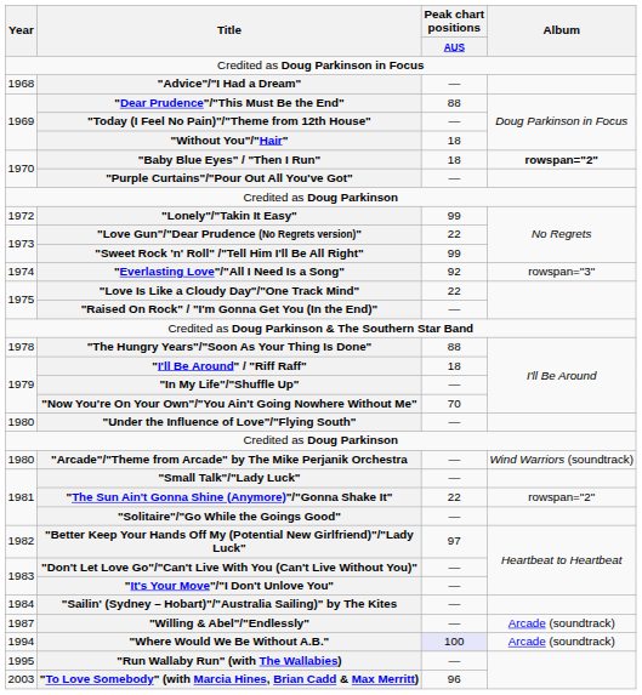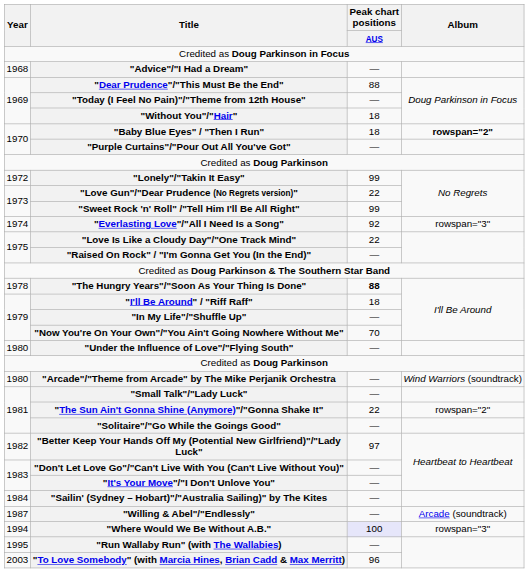 <table class="wikitable plainrowheaders" style="text-align:center;" border="1">
 <tr>
 <th scope="col" rowspan="2">Year</th>
 <th scope="col" rowspan="2" style="width:32em;">Title</th>
 <th scope="col" colspan="1">Peak chart<br>positions</th>
 <th scope="col" rowspan="2">Album</th>
 </tr>
 <tr>
 <th scope="col" style="text-align:center;"><small><a href='#'>AUS</a></small><br></th>
 </tr>
 <tr>
 <td colspan=5>Credited as <strong>Doug Parkinson in Focus</strong></td>
 </tr>
 <tr>
 <td>1968</td>
 <th scope="row">"Advice"/"I Had a Dream"</th>
 <td>—</td>
 <td></td>
 </tr>
 <tr>
 <td rowspan="3">1969</td>
 <th scope="row">"<a href='#'>Dear Prudence</a>"/"This Must Be the End"</th>
 <td>88</td>
 <td rowspan="3"><em>Doug Parkinson in Focus</em></td>
 </tr>
 <tr>
 <th scope="row">"Today (I Feel No Pain)"/"Theme from 12th House"</th>
 <td>—</td>
 </tr>
 <tr>
 <th scope="row">"Without You"/"<a href='#'>Hair</a>"</th>
 <td>18</td>
 </tr>
 <tr>
 <td rowspan="2">1970</td>
 <th scope="row">"Baby Blue Eyes" / "Then I Run"</th>
 <td>18</td>
 <td><strong>rowspan="2" </strong></td>
 </tr>
 <tr>
 <th scope="row">"Purple Curtains"/"Pour Out All You've Got"</th>
 <td>—</td>
 </tr>
 <tr>
 <td colspan=5>Credited as <strong>Doug Parkinson</strong></td>
 </tr>
 <tr>
 <td>1972</td>
 <th scope="row">"Lonely"/"Takin It Easy"</th>
 <td>99</td>
 <td rowspan="3"><em>No Regrets</em></td>
 </tr>
 <tr>
 <td rowspan="2">1973</td>
 <th scope="row">"Love Gun"/"Dear Prudence <small>(No Regrets version)</small>"</th>
 <td>22</td>
 </tr>
 <tr>
 <th scope="row">"Sweet Rock 'n' Roll" /"Tell Him I'll Be All Right"</th>
 <td>99</td>
 </tr>
 <tr>
 <td>1974</td>
 <th scope="row">"<a href='#'>Everlasting Love</a>"/"All I Need Is a Song"</th>
 <td>92</td>
 <td>rowspan="3" </td>
 </tr>
 <tr>
 <td rowspan="2">1975</td>
 <th scope="row">"Love Is Like a Cloudy Day"/"One Track Mind"</th>
 <td>22</td>
 </tr>
 <tr>
 <th scope="row">"Raised On Rock" / "I'm Gonna Get You (In the End)"</th>
 <td>—</td>
 </tr>
 <tr>
 <td colspan=5>Credited as <strong>Doug Parkinson & The Southern Star Band </strong></td>
 </tr>
 <tr>
 <td>1978</td>
 <th scope="row">"The Hungry Years"/"Soon As Your Thing Is Done"</th>
-<td>88</td>
+<td><strong>88</strong></td>
 <td rowspan="4"><em>I'll Be Around</em></td>
 </tr>
 <tr>
 <td rowspan="3">1979</td>
 <th scope="row">"<a href='#'>I'll Be Around</a>" / "Riff Raff"</th>
 <td>18</td>
 </tr>
 <tr>
 <th scope="row">"In My Life"/"Shuffle Up"</th>
 <td>—</td>
 </tr>
 <tr>
 <th scope="row">"Now You're On Your Own"/"You Ain't Going Nowhere Without Me"</th>
 <td>70</td>
 </tr>
 <tr>
 <td>1980</td>
 <th scope="row">"Under the Influence of Love"/"Flying South"</th>
 <td>—</td>
 <td></td>
 </tr>
 <tr>
 <td colspan=5>Credited as <strong>Doug Parkinson</strong></td>
 </tr>
 <tr>
 <td>1980</td>
 <th scope="row">"Arcade"/"Theme from Arcade" by The Mike Perjanik Orchestra</th>
 <td>—</td>
 <td><em>Wind Warriors</em> (soundtrack)</td>
 </tr>
 <tr>
 <td rowspan="3">1981</td>
 <th scope="row">"Small Talk"/"Lady Luck"</th>
 <td>—</td>
 <td></td>
 </tr>
 <tr>
 <th scope="row">"<a href='#'>The Sun Ain't Gonna Shine (Anymore)</a>"/"Gonna Shake It"</th>
 <td>22</td>
 <td>rowspan="2" </td>
 </tr>
 <tr>
 <th scope="row">"Solitaire"/"Go While the Goings Good"</th>
 <td>—</td>
 <td></td>
 </tr>
 <tr>
 <td>1982</td>
 <th scope="row">"Better Keep Your Hands Off My (Potential New Girlfriend)"/"Lady Luck"</th>
 <td>97</td>
 <td rowspan="3"><em>Heartbeat to Heartbeat</em></td>
 </tr>
 <tr>
 <td rowspan="2">1983</td>
 <th scope="row">"Don't Let Love Go"/"Can't Live With You (Can't Live Without You)"</th>
 <td>—</td>
 </tr>
 <tr>
 <th scope="row">"<a href='#'>It's Your Move</a>"/"I Don't Unlove You"</th>
 <td>—</td>
 </tr>
 <tr>
 <td>1984</td>
 <th scope="row">"Sailin' (Sydney – Hobart)"/"Australia Sailing)" by The Kites</th>
 <td>—</td>
 <td></td>
 </tr>
 <tr>
 <td>1987</td>
 <th scope="row">"Willing & Abel"/"Endlessly"</th>
 <td>—</td>
 <td><a href='#'>Arcade</a> (soundtrack)</td>
 </tr>
 <tr>
 <td>1994</td>
 <th scope="row">"Where Would We Be Without A.B."</th>
 <td style="background: lavender;">100</td>
-<td><a href='#'>Arcade</a> (soundtrack)</td>
+<td>rowspan="3" </td>
 </tr>
 <tr>
 <td>1995</td>
 <th scope="row">"Run Wallaby Run" (with <a href='#'>The Wallabies</a>)</th>
 <td>—</td>
 </tr>
 <tr>
 <td>2003</td>
 <th scope="row">"<a href='#'>To Love Somebody</a>" (with <a href='#'>Marcia Hines</a>, <a href='#'>Brian Cadd</a> & <a href='#'>Max Merritt</a>)</th>
 <td>96</td>
 </tr>
 </table>
